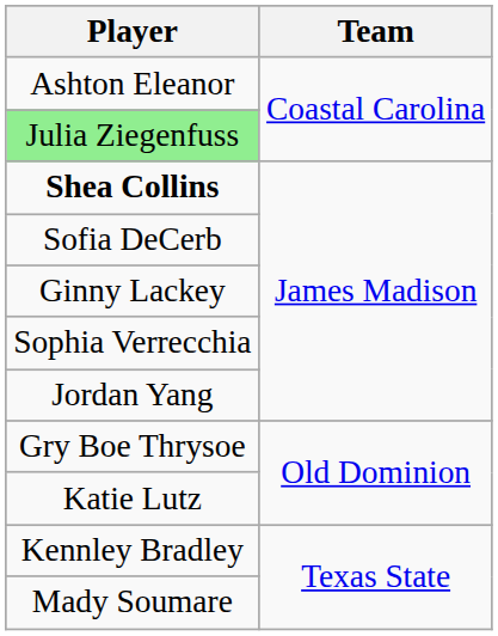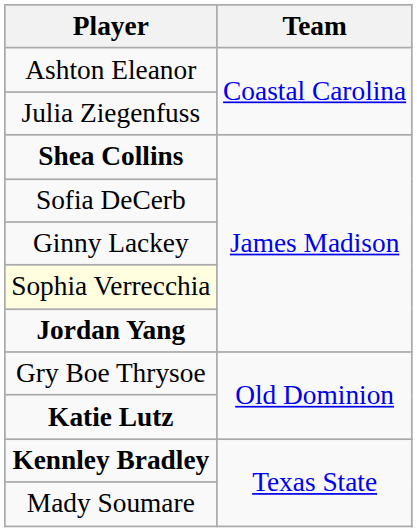 <table class="wikitable" style="text-align: center;">
 <tr>
 <th>Player</th>
 <th>Team</th>
 </tr>
 <tr>
 <td>Ashton Eleanor</td>
 <td rowspan=2><a href='#'>Coastal Carolina</a></td>
 </tr>
 <tr>
-<td style="background: lightgreen;">Julia Ziegenfuss</td>
+<td>Julia Ziegenfuss</td>
 </tr>
 <tr>
 <td><strong>Shea Collins</strong></td>
 <td rowspan=5><a href='#'>James Madison</a></td>
 </tr>
 <tr>
 <td>Sofia DeCerb</td>
 </tr>
 <tr>
 <td>Ginny Lackey</td>
 </tr>
 <tr>
-<td>Sophia Verrecchia</td>
+<td style="background: lightyellow;">Sophia Verrecchia</td>
 </tr>
 <tr>
-<td>Jordan Yang</td>
+<td><strong>Jordan Yang</strong></td>
 </tr>
 <tr>
 <td>Gry Boe Thrysoe</td>
 <td rowspan=2><a href='#'>Old Dominion</a></td>
 </tr>
 <tr>
-<td>Katie Lutz</td>
+<td><strong>Katie Lutz</strong></td>
 </tr>
 <tr>
-<td>Kennley Bradley</td>
+<td><strong>Kennley Bradley</strong></td>
 <td rowspan=2><a href='#'>Texas State</a></td>
 </tr>
 <tr>
 <td>Mady Soumare</td>
 </tr>
 </table>
